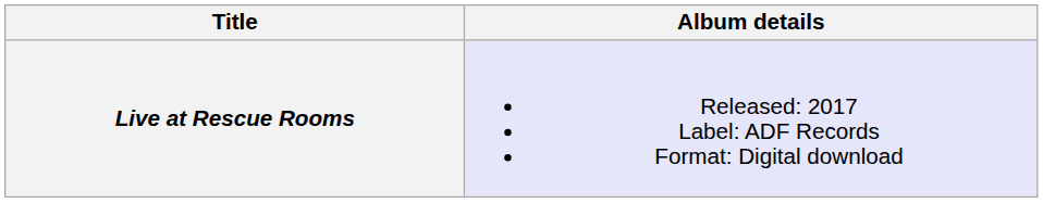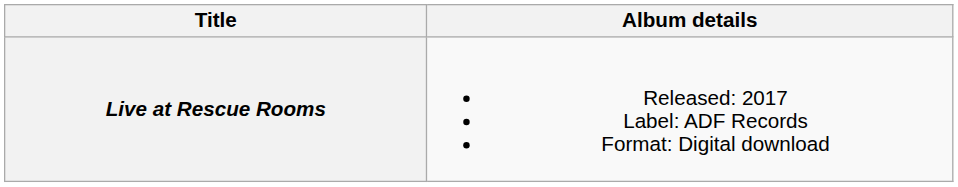 <table class="wikitable plainrowheaders" style="text-align:center;">
 <tr>
 <th scope="col" style="width:20em;">Title</th>
 <th scope="col" style="width:25em;">Album details</th>
 </tr>
 <tr>
 <th scope="row"><em>Live at Rescue Rooms</em></th>
-<td style="background: lavender;"><br><ul><li>Released: 2017</li><li>Label: ADF Records</li><li>Format: Digital download</li></ul></td>
+<td><br><ul><li>Released: 2017</li><li>Label: ADF Records</li><li>Format: Digital download</li></ul></td>
 </tr>
 </table>
